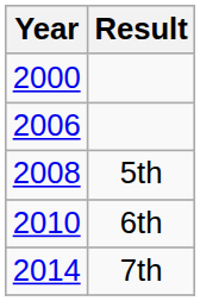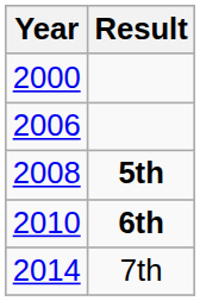 <table class="wikitable" style="text-align: center">
 <tr>
 <th>Year</th>
 <th>Result</th>
 </tr>
 <tr>
 <td><a href='#'>2000</a></td>
 <td></td>
 </tr>
 <tr>
 <td><a href='#'>2006</a></td>
 <td></td>
 </tr>
 <tr>
 <td><a href='#'>2008</a></td>
-<td>5th</td>
+<td><strong>5th</strong></td>
 </tr>
 <tr>
 <td><a href='#'>2010</a></td>
-<td>6th</td>
+<td><strong>6th</strong></td>
 </tr>
 <tr>
 <td><a href='#'>2014</a></td>
 <td>7th</td>
 </tr>
 </table>
